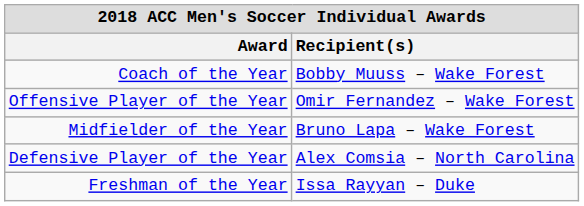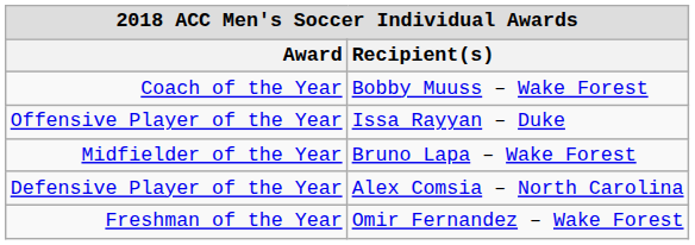 <table class="wikitable" style="white-space:nowrap; font-size:90%;">
 <tr>
 <td colspan="7" style="text-align:center; background:#ddd;"><strong>2018 ACC Men's Soccer Individual Awards</strong></td>
 </tr>
 <tr>
 <th style="text-align:right;">Award</th>
 <th style="text-align:left;">Recipient(s)</th>
 </tr>
 <tr>
 <td style="text-align:right;"><a href='#'>Coach of the Year</a></td>
 <td style="text-align:left;"><a href='#'>Bobby Muuss</a> – <a href='#'>Wake Forest</a></td>
 </tr>
 <tr>
 <td style="text-align:right;"><a href='#'>Offensive Player of the Year</a></td>
-<td style="text-align:left;"><a href='#'>Omir Fernandez</a> – <a href='#'>Wake Forest</a></td>
+<td style="text-align:left;"><a href='#'>Issa Rayyan</a> – <a href='#'>Duke</a></td>
 </tr>
 <tr>
 <td style="text-align:right;"><a href='#'>Midfielder of the Year</a></td>
 <td style="text-align:left;"><a href='#'>Bruno Lapa</a> – <a href='#'>Wake Forest</a></td>
 </tr>
 <tr>
 <td style="text-align:right;"><a href='#'>Defensive Player of the Year</a></td>
 <td style="text-align:left;"><a href='#'>Alex Comsia</a> – <a href='#'>North Carolina</a></td>
 </tr>
 <tr>
 <td style="text-align:right;"><a href='#'>Freshman of the Year</a></td>
-<td style="text-align:left;"><a href='#'>Issa Rayyan</a> – <a href='#'>Duke</a></td>
+<td style="text-align:left;"><a href='#'>Omir Fernandez</a> – <a href='#'>Wake Forest</a></td>
 </tr>
 </table>
